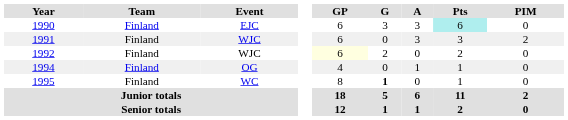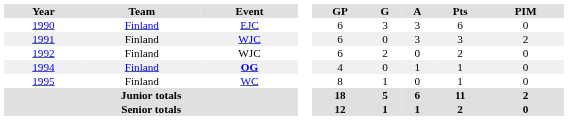 <table border="0" cellpadding="1" cellspacing="0" style="text-align:center; width:50em">
 <tr align="center" bgcolor="#e0e0e0">
 <th>Year</th>
 <th>Team</th>
 <th>Event</th>
 <th rowspan="99" bgcolor="#ffffff"> </th>
 <th>GP</th>
 <th>G</th>
 <th>A</th>
 <th>Pts</th>
 <th>PIM</th>
 </tr>
 <tr>
 <td><a href='#'>1990</a></td>
 <td><a href='#'>Finland</a></td>
 <td><a href='#'>EJC</a></td>
 <td>6</td>
 <td>3</td>
 <td>3</td>
-<td style="background: paleturquoise;">6</td>
+<td>6</td>
 <td>0</td>
 </tr>
 <tr bgcolor="#f0f0f0">
 <td><a href='#'>1991</a></td>
 <td>Finland</td>
 <td><a href='#'>WJC</a></td>
 <td>6</td>
 <td>0</td>
 <td>3</td>
 <td>3</td>
 <td>2</td>
 </tr>
 <tr>
 <td><a href='#'>1992</a></td>
 <td>Finland</td>
 <td>WJC</td>
-<td style="background: lightyellow;">6</td>
+<td>6</td>
 <td>2</td>
 <td>0</td>
 <td>2</td>
 <td>0</td>
 </tr>
 <tr bgcolor="#f0f0f0">
 <td><a href='#'>1994</a></td>
 <td><a href='#'>Finland</a></td>
-<td><a href='#'>OG</a></td>
+<td><strong><a href='#'>OG</a></strong></td>
 <td>4</td>
 <td>0</td>
 <td>1</td>
 <td>1</td>
 <td>0</td>
 </tr>
 <tr>
 <td><a href='#'>1995</a></td>
 <td>Finland</td>
 <td><a href='#'>WC</a></td>
 <td>8</td>
-<td><strong>1</strong></td>
+<td>1</td>
 <td>0</td>
 <td>1</td>
 <td>0</td>
 </tr>
 <tr bgcolor="#e0e0e0">
 <th colspan=3>Junior totals</th>
 <th>18</th>
 <th>5</th>
 <th>6</th>
 <th>11</th>
 <th>2</th>
 </tr>
 <tr bgcolor="#e0e0e0">
 <th colspan=3>Senior totals</th>
 <th>12</th>
 <th>1</th>
 <th>1</th>
 <th>2</th>
 <th>0</th>
 </tr>
 </table>
